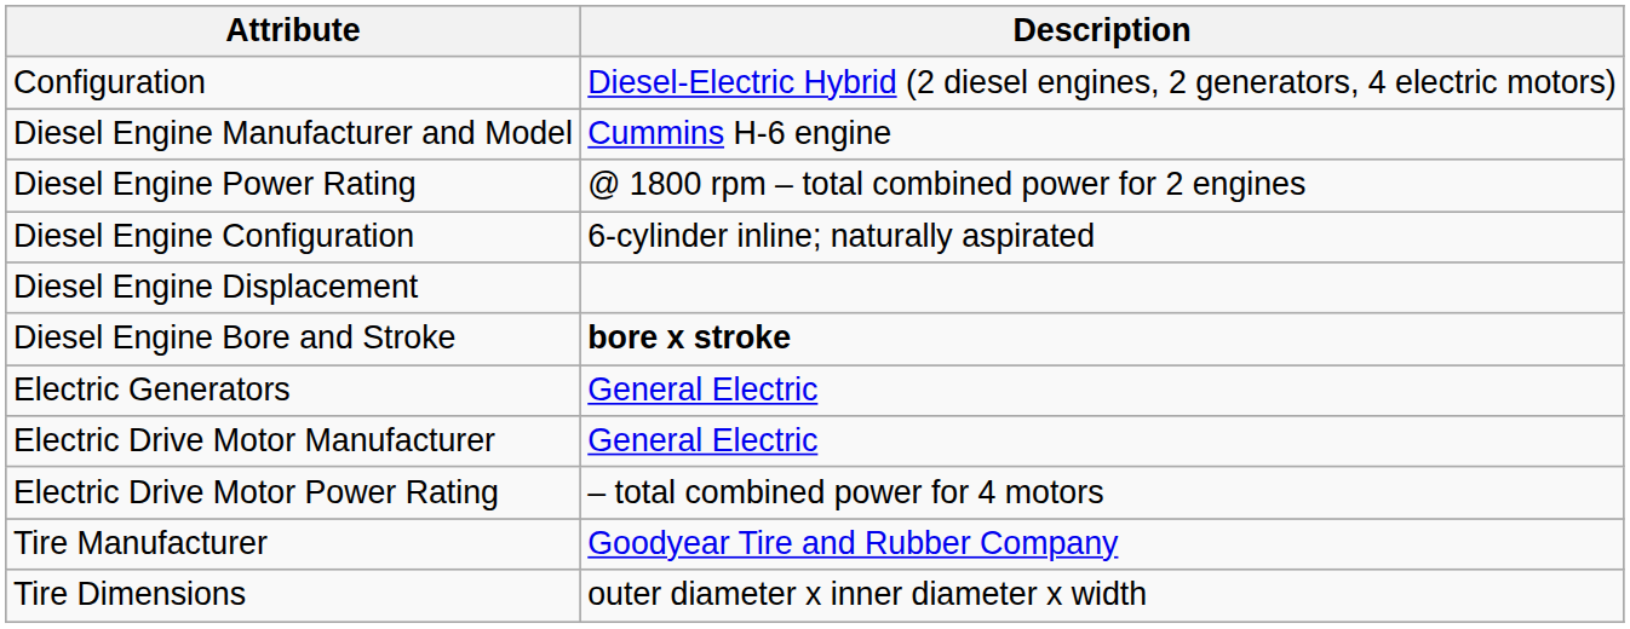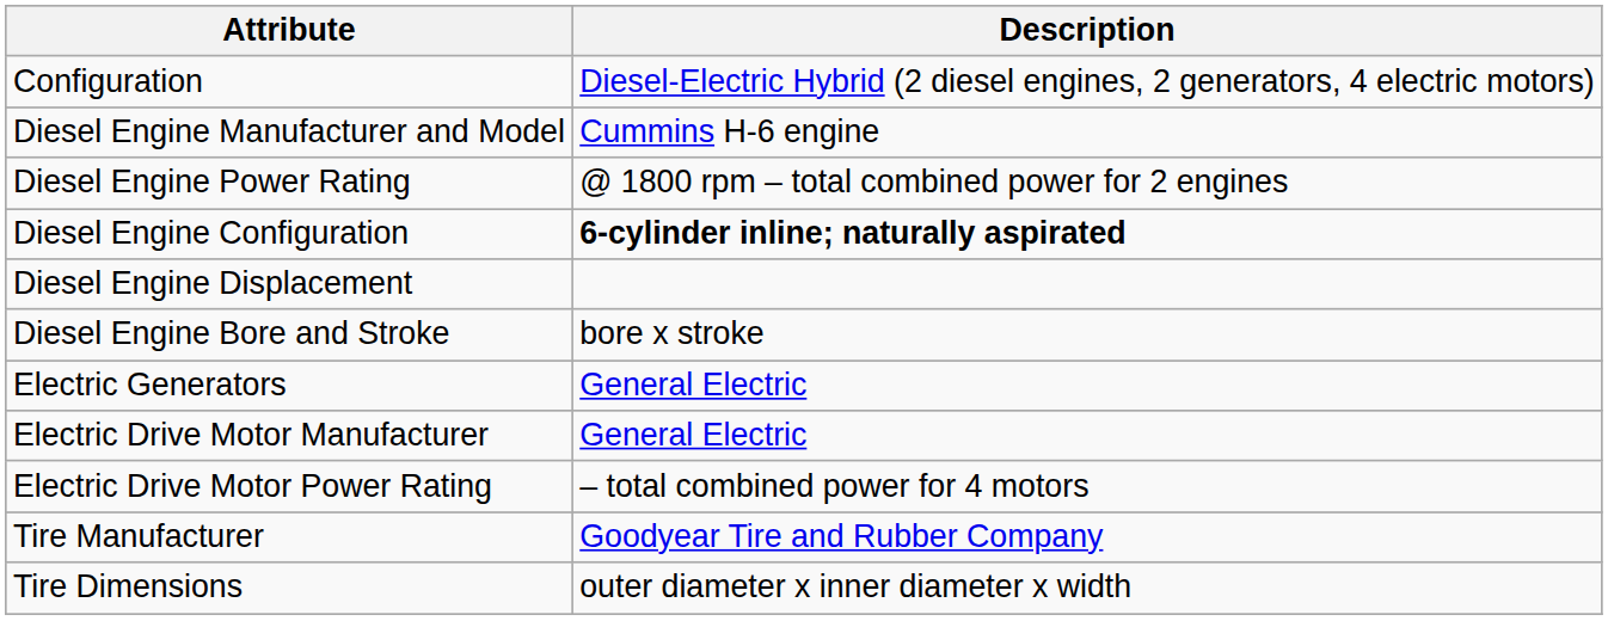 <table class="wikitable">
 <tr>
 <th>Attribute</th>
 <th>Description</th>
 </tr>
 <tr>
 <td>Configuration</td>
 <td><a href='#'>Diesel-Electric Hybrid</a> (2 diesel engines, 2 generators, 4 electric motors)</td>
 </tr>
 <tr>
 <td>Diesel Engine Manufacturer and Model</td>
 <td><a href='#'>Cummins</a> H-6 engine</td>
 </tr>
 <tr>
 <td>Diesel Engine Power Rating</td>
 <td> @ 1800 rpm –  total combined power for 2 engines</td>
 </tr>
 <tr>
 <td>Diesel Engine Configuration</td>
-<td>6-cylinder inline; naturally aspirated</td>
+<td><strong>6-cylinder inline; naturally aspirated</strong></td>
 </tr>
 <tr>
 <td>Diesel Engine Displacement</td>
 <td></td>
 </tr>
 <tr>
 <td>Diesel Engine Bore and Stroke</td>
-<td><strong> bore x  stroke</strong></td>
+<td> bore x  stroke</td>
 </tr>
 <tr>
 <td>Electric Generators</td>
 <td><a href='#'>General Electric</a></td>
 </tr>
 <tr>
 <td>Electric Drive Motor Manufacturer</td>
 <td><a href='#'>General Electric</a></td>
 </tr>
 <tr>
 <td>Electric Drive Motor Power Rating</td>
 <td> –  total combined power for 4 motors</td>
 </tr>
 <tr>
 <td>Tire Manufacturer</td>
 <td><a href='#'>Goodyear Tire and Rubber Company</a></td>
 </tr>
 <tr>
 <td>Tire Dimensions</td>
 <td> outer diameter x  inner diameter x  width</td>
 </tr>
 </table>
